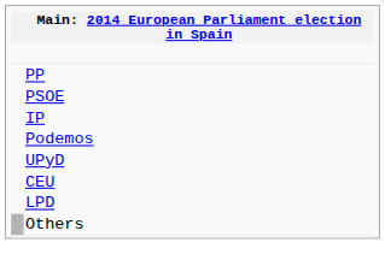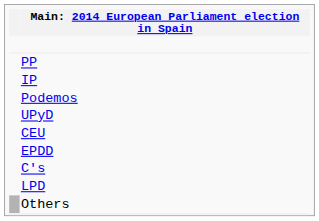 <table class="infobox vcard" cellspacing="0" style="width:23.0em; padding:0.3em; padding-bottom:0em">
 <tr>
 <td style="background:#F2F2F2; vertical-align:middle; padding:0.4em;" width="30px"></td>
 <th colspan="4" style="text-align:center; background:#F2F2F2; font-size:0.85em; width:100%; vertical-align:middle;">Main: <a href='#'>2014 European Parliament election in Spain</a></th>
 </tr>
 <tr>
 <td colspan="5" style="text-align:center; font-size:0.85em; padding:0.5em 0em;">  </td>
 </tr>
 <tr>
 <td colspan="5"></td>
 </tr>
 <tr>
 <td colspan="5"></td>
 </tr>
 <tr>
 <th colspan="2" style="background:#F2F2F2;"></th>
 <th style="background:#F2F2F2;"></th>
 <th style="background:#F2F2F2;"></th>
 <th style="background:#F2F2F2;"></th>
 </tr>
 <tr>
 <td style="background:"></td>
 <td width="85px"><a href='#'>PP</a></td>
 <td width="70px"></td>
 <td width="45px"></td>
 <td width="30px"></td>
-</tr>
-<tr>
-<td style="background:"></td>
-<td><a href='#'>PSOE</a></td>
-<td></td>
-<td></td>
-<td></td>
 </tr>
 <tr>
 <td style="background:"></td>
 <td><a href='#'>IP</a></td>
 <td></td>
 <td></td>
 <td></td>
 </tr>
 <tr>
 <td style="background:"></td>
 <td><a href='#'>Podemos</a></td>
 <td></td>
 <td></td>
 <td></td>
 </tr>
 <tr>
 <td style="background:"></td>
 <td><a href='#'>UPyD</a></td>
 <td></td>
 <td></td>
 <td></td>
 </tr>
 <tr>
 <td style="background:"></td>
 <td><a href='#'>CEU</a></td>
 <td></td>
 <td></td>
 <td></td>
 </tr>
 <tr>
 <td style="background:"></td>
+<td><a href='#'>EPDD</a></td>
+<td></td>
+<td></td>
+<td></td>
+</tr>
+<tr>
+<td style="background:"></td>
+<td><a href='#'>C's</a></td>
+<td></td>
+<td></td>
+<td></td>
+</tr>
+<tr>
+<td style="background:"></td>
 <td><a href='#'>LPD</a></td>
 <td></td>
 <td></td>
 <td></td>
 </tr>
 <tr>
 <td style="background:#B3B3B3;"></td>
 <td>Others</td>
 <td></td>
 <td></td>
 <td></td>
 </tr>
 <tr>
 <th colspan="2" style="background:#F2F2F2;"></th>
 <th style="background:#F2F2F2;"></th>
 <th style="background:#F2F2F2;"></th>
 <th style="background:#F2F2F2;"></th>
 </tr>
 </table>
